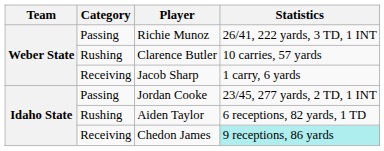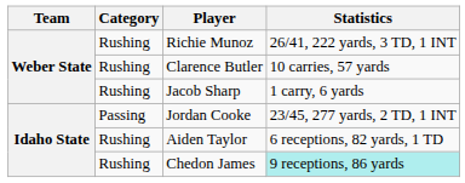 <table class="wikitable" style="float:right">
 <tr>
 <th>Team</th>
 <th>Category</th>
 <th>Player</th>
 <th>Statistics</th>
 </tr>
 <tr>
 <th rowspan=3>Weber State</th>
-<td>Passing</td>
+<td>Rushing</td>
 <td>Richie Munoz</td>
 <td>26/41, 222 yards, 3 TD, 1 INT</td>
 </tr>
 <tr>
 <td>Rushing</td>
 <td>Clarence Butler</td>
 <td>10 carries, 57 yards</td>
 </tr>
 <tr>
-<td>Receiving</td>
+<td>Rushing</td>
 <td>Jacob Sharp</td>
 <td>1 carry, 6 yards</td>
 </tr>
 <tr>
 <th rowspan=3>Idaho State</th>
 <td>Passing</td>
 <td>Jordan Cooke</td>
 <td>23/45, 277 yards, 2 TD, 1 INT</td>
 </tr>
 <tr>
 <td>Rushing</td>
 <td>Aiden Taylor</td>
 <td>6 receptions, 82 yards, 1 TD</td>
 </tr>
 <tr>
-<td>Receiving</td>
+<td>Rushing</td>
 <td>Chedon James</td>
 <td style="background: paleturquoise;">9 receptions, 86 yards</td>
 </tr>
 </table>
